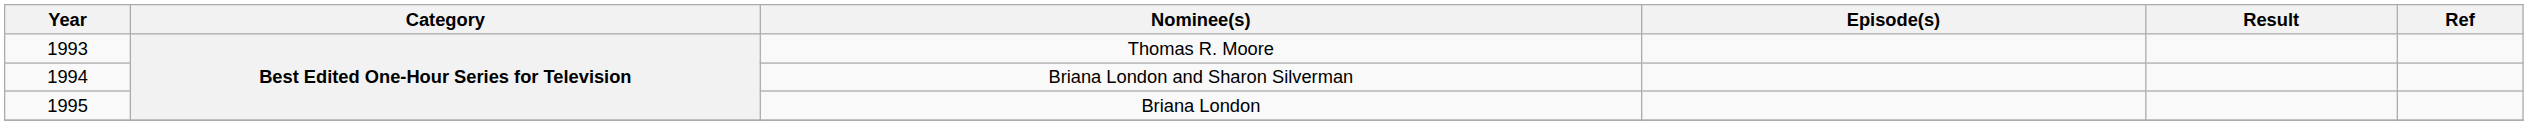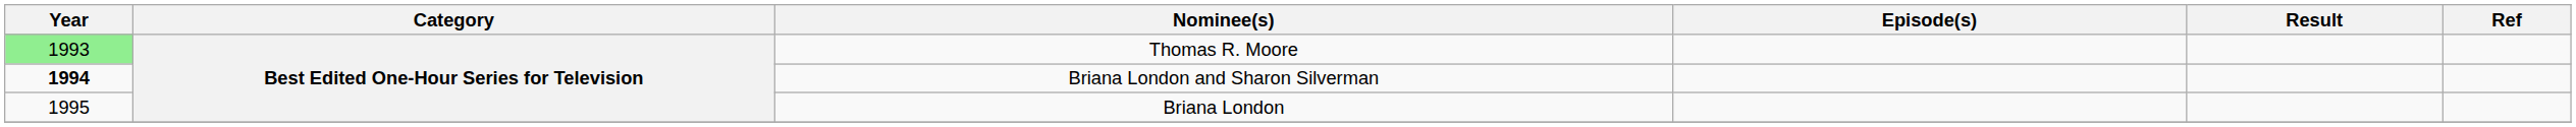 <table class="wikitable plainrowheaders" style="font-size: 90%; text-align:center" width=100%>
 <tr>
 <th scope="col" width="5%">Year</th>
 <th scope="col" width="25%">Category</th>
 <th scope="col" width="35%">Nominee(s)</th>
 <th scope="col" width="20%">Episode(s)</th>
 <th scope="col" width="10%">Result</th>
 <th scope="col" width="5%">Ref</th>
 </tr>
 <tr>
-<td>1993</td>
+<td style="background: lightgreen;">1993</td>
 <th scope="row" style="text-align:center" rowspan="3">Best Edited One-Hour Series for Television</th>
 <td>Thomas R. Moore</td>
 <td></td>
 <td></td>
 <td></td>
 </tr>
 <tr>
-<td>1994</td>
+<td><strong>1994</strong></td>
 <td>Briana London and Sharon Silverman</td>
 <td></td>
 <td></td>
 <td></td>
 </tr>
 <tr>
 <td>1995</td>
 <td>Briana London</td>
 <td></td>
 <td></td>
 <td></td>
 </tr>
 <tr>
 </tr>
 </table>
